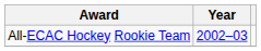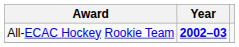 <table class="wikitable">
 <tr>
 <th>Award</th>
 <th>Year</th>
 <th></th>
 </tr>
 <tr>
 <td>All-<a href='#'>ECAC Hockey</a> <a href='#'>Rookie Team</a></td>
-<td><a href='#'>2002–03</a></td>
+<td><strong><a href='#'>2002–03</a></strong></td>
 <td></td>
 </tr>
 <tr>
 </tr>
 </table>
